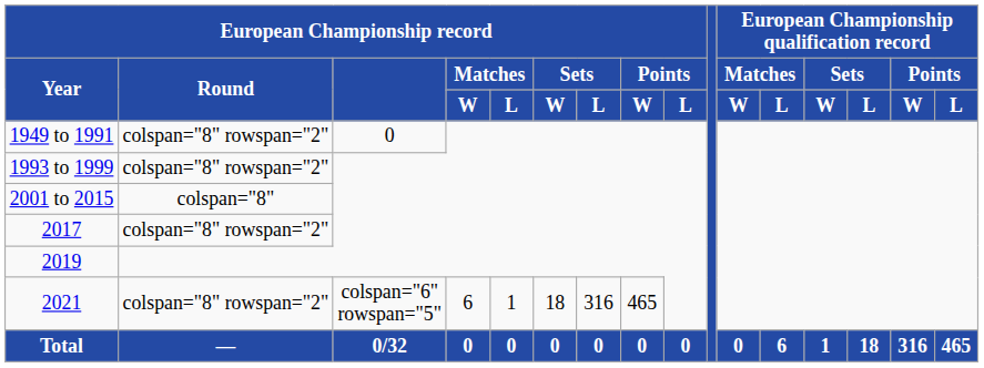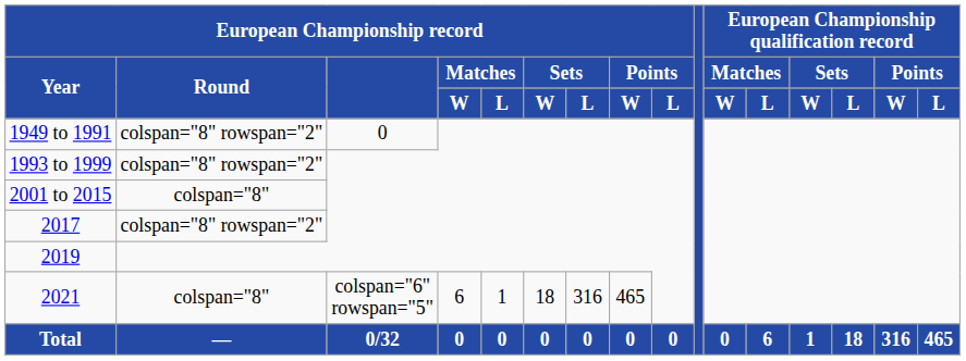 <table class="wikitable" style="text-align: center;">
 <tr>
 <th colspan="9" style="background:#244AA5; color:white; ">European Championship record</th>
 <th rowspan="10" style="background:#244AA5"></th>
 <th colspan="6" style="background:#244AA5; color:white; ">European Championship<br>qualification record</th>
 </tr>
 <tr>
 <th rowspan="2" style="background:#244AA5; color:white; ">Year</th>
 <th rowspan="2" style="background:#244AA5; color:white; ">Round</th>
 <th rowspan="2" width="28" style="background:#244AA5; color:white; "></th>
 <th colspan="2" width="28" style="background:#244AA5; color:white; ">Matches</th>
 <th colspan="2" width="28" style="background:#244AA5; color:white; ">Sets</th>
 <th colspan="2" width="28" style="background:#244AA5; color:white; ">Points</th>
 <th colspan="2" width="28" style="background:#244AA5; color:white; ">Matches</th>
 <th colspan="2" width="28" style="background:#244AA5; color:white; ">Sets</th>
 <th colspan="2" width="28" style="background:#244AA5; color:white; ">Points</th>
 </tr>
 <tr>
 <th width="28" style="background:#244AA5; color:white; ">W</th>
 <th width="28" style="background:#244AA5; color:white; ">L</th>
 <th width="28" style="background:#244AA5; color:white; ">W</th>
 <th width="28" style="background:#244AA5; color:white; ">L</th>
 <th width="28" style="background:#244AA5; color:white; ">W</th>
 <th width="28" style="background:#244AA5; color:white; ">L</th>
 <th width="28" style="background:#244AA5; color:white; ">W</th>
 <th width="28" style="background:#244AA5; color:white; ">L</th>
 <th width="28" style="background:#244AA5; color:white; ">W</th>
 <th width="28" style="background:#244AA5; color:white; ">L</th>
 <th width="28" style="background:#244AA5; color:white; ">W</th>
 <th width="28" style="background:#244AA5; color:white; ">L</th>
 </tr>
 <tr>
 <td> <a href='#'>1949</a> to  <a href='#'>1991</a></td>
 <td>colspan="8" rowspan="2" </td>
 <td>0</td>
 </tr>
 <tr>
 <td> <a href='#'>1993</a> to  <a href='#'>1999</a></td>
 <td>colspan="8" rowspan="2" </td>
 </tr>
 <tr>
 <td> <a href='#'>2001</a> to  <a href='#'>2015</a></td>
 <td>colspan="8" </td>
 </tr>
 <tr>
 <td> <a href='#'>2017</a></td>
 <td>colspan="8" rowspan="2" </td>
 </tr>
 <tr>
 <td> <a href='#'>2019</a></td>
 </tr>
 <tr>
 <td> <a href='#'>2021</a></td>
-<td>colspan="8" rowspan="2" </td>
+<td>colspan="8" </td>
 <td>colspan="6" rowspan="5" </td>
 <td>6</td>
 <td>1</td>
 <td>18</td>
 <td>316</td>
 <td>465</td>
 </tr>
 <tr>
 <th style="background:#244AA5; color:white; ">Total</th>
 <th style="background:#244AA5; color:white; ">—</th>
 <th style="background:#244AA5; color:white; ">0/32</th>
 <th style="background:#244AA5; color:white; ">0</th>
 <th style="background:#244AA5; color:white; ">0</th>
 <th style="background:#244AA5; color:white; ">0</th>
 <th style="background:#244AA5; color:white; ">0</th>
 <th style="background:#244AA5; color:white; ">0</th>
 <th style="background:#244AA5; color:white; ">0</th>
 <th style="background:#244AA5; color:white; ">0</th>
 <th style="background:#244AA5; color:white; ">6</th>
 <th style="background:#244AA5; color:white; ">1</th>
 <th style="background:#244AA5; color:white; ">18</th>
 <th style="background:#244AA5; color:white; ">316</th>
 <th style="background:#244AA5; color:white; ">465</th>
 </tr>
 </table>
